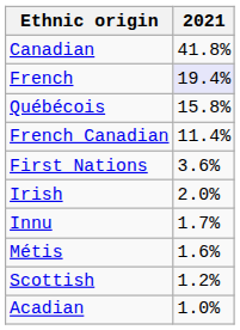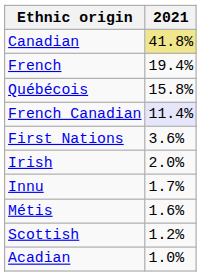 <table class="wikitable" style="float:left;">
 <tr>
 <th>Ethnic origin</th>
 <th>2021</th>
 </tr>
 <tr>
 <td><a href='#'>Canadian</a></td>
-<td>41.8%</td>
+<td style="background: khaki;">41.8%</td>
 </tr>
 <tr>
 <td><a href='#'>French</a></td>
-<td style="background: lavender;">19.4%</td>
+<td>19.4%</td>
 </tr>
 <tr>
 <td><a href='#'>Québécois</a></td>
 <td>15.8%</td>
 </tr>
 <tr>
 <td><a href='#'>French Canadian</a></td>
-<td>11.4%</td>
+<td style="background: lavender;">11.4%</td>
 </tr>
 <tr>
 <td><a href='#'>First Nations</a></td>
 <td>3.6%</td>
 </tr>
 <tr>
 <td><a href='#'>Irish</a></td>
 <td>2.0%</td>
 </tr>
 <tr>
 <td><a href='#'>Innu</a></td>
 <td>1.7%</td>
 </tr>
 <tr>
 <td><a href='#'>Métis</a></td>
 <td>1.6%</td>
 </tr>
 <tr>
 <td><a href='#'>Scottish</a></td>
 <td>1.2%</td>
 </tr>
 <tr>
 <td><a href='#'>Acadian</a></td>
 <td>1.0%</td>
 </tr>
 </table>
